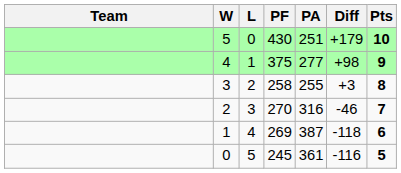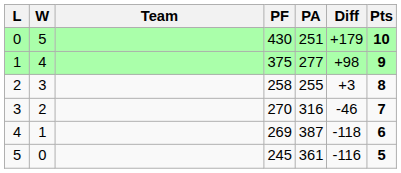 <table class=wikitable style="text-align:center">
 <tr>
+<th width=20>L</th>
+<th width=20>W</th>
 <th width=220>Team</th>
-<th width=20>W</th>
-<th width=20>L</th>
 <th width=20>PF</th>
 <th width=20>PA</th>
 <th width=25>Diff</th>
 <th width=20>Pts</th>
 </tr>
 <tr bgcolor=#aaffaa>
+<td>0</td>
+<td>5</td>
 <td align=left></td>
-<td>5</td>
-<td>0</td>
 <td>430</td>
 <td>251</td>
 <td>+179</td>
 <td><strong>10</strong></td>
 </tr>
 <tr bgcolor=#aaffaa>
+<td>1</td>
+<td>4</td>
 <td align=left></td>
-<td>4</td>
-<td>1</td>
 <td>375</td>
 <td>277</td>
 <td>+98</td>
 <td><strong>9</strong></td>
 </tr>
 <tr bgcolor=>
+<td>2</td>
+<td>3</td>
 <td align=left></td>
-<td>3</td>
-<td>2</td>
 <td>258</td>
 <td>255</td>
 <td>+3</td>
 <td><strong>8</strong></td>
 </tr>
 <tr bgcolor=>
+<td>3</td>
+<td>2</td>
 <td align=left></td>
-<td>2</td>
-<td>3</td>
 <td>270</td>
 <td>316</td>
 <td>-46</td>
 <td><strong>7</strong></td>
 </tr>
 <tr bgcolor=>
+<td>4</td>
+<td>1</td>
 <td align=left></td>
-<td>1</td>
-<td>4</td>
 <td>269</td>
 <td>387</td>
 <td>-118</td>
 <td><strong>6</strong></td>
 </tr>
 <tr bgcolor=>
+<td>5</td>
+<td>0</td>
 <td align=left></td>
-<td>0</td>
-<td>5</td>
 <td>245</td>
 <td>361</td>
 <td>-116</td>
 <td><strong>5</strong></td>
 </tr>
 </table>
